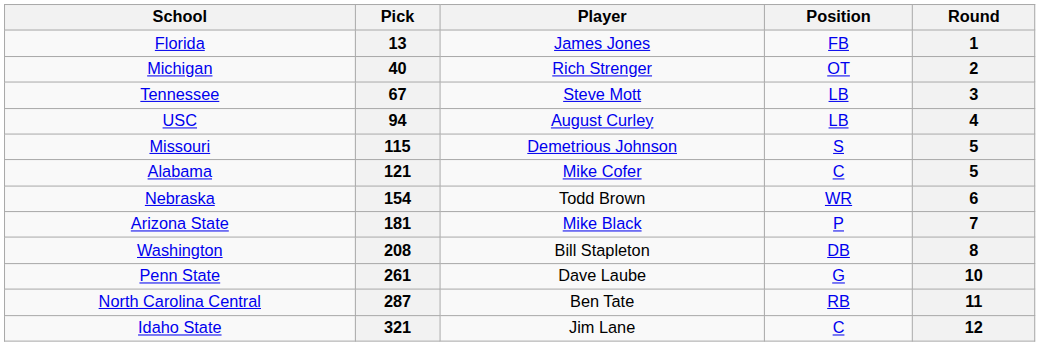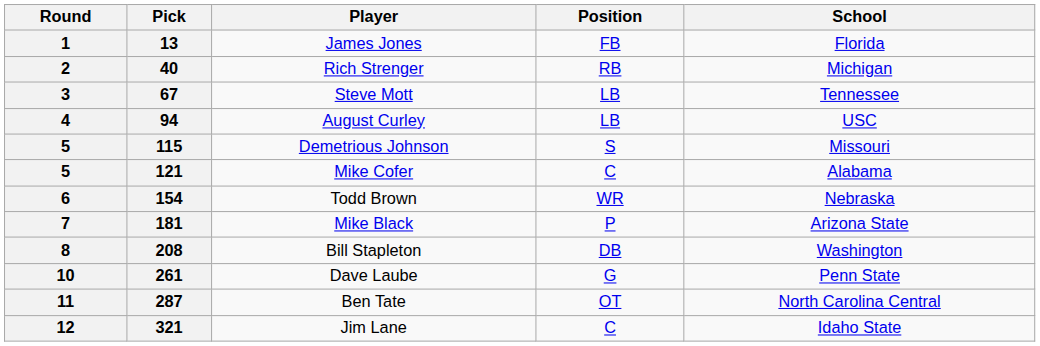 <table class="wikitable" style="width:80%;text-align:center;">
 <tr>
-<th>School</th>
+<th>Round</th>
 <th>Pick</th>
 <th>Player</th>
 <th>Position</th>
-<th>Round</th>
+<th>School</th>
 </tr>
 <tr>
-<td><a href='#'>Florida</a></td>
+<th>1</th>
 <th>13</th>
 <td><a href='#'>James Jones</a></td>
 <td><a href='#'>FB</a></td>
-<th>1</th>
+<td><a href='#'>Florida</a></td>
 </tr>
 <tr>
-<td><a href='#'>Michigan</a></td>
+<th>2</th>
 <th>40</th>
 <td><a href='#'>Rich Strenger</a></td>
-<td><a href='#'>OT</a></td>
-<th>2</th>
+<td><a href='#'>RB</a></td>
+<td><a href='#'>Michigan</a></td>
 </tr>
 <tr>
-<td><a href='#'>Tennessee</a></td>
+<th>3</th>
 <th>67</th>
 <td><a href='#'>Steve Mott</a></td>
 <td><a href='#'>LB</a></td>
-<th>3</th>
+<td><a href='#'>Tennessee</a></td>
 </tr>
 <tr>
-<td><a href='#'>USC</a></td>
+<th>4</th>
 <th>94</th>
 <td><a href='#'>August Curley</a></td>
 <td><a href='#'>LB</a></td>
-<th>4</th>
+<td><a href='#'>USC</a></td>
 </tr>
 <tr>
-<td><a href='#'>Missouri</a></td>
+<th>5</th>
 <th>115</th>
 <td><a href='#'>Demetrious Johnson</a></td>
 <td><a href='#'>S</a></td>
-<th>5</th>
+<td><a href='#'>Missouri</a></td>
 </tr>
 <tr>
-<td><a href='#'>Alabama</a></td>
+<th>5</th>
 <th>121</th>
 <td><a href='#'>Mike Cofer</a></td>
 <td><a href='#'>C</a></td>
-<th>5</th>
+<td><a href='#'>Alabama</a></td>
 </tr>
 <tr>
-<td><a href='#'>Nebraska</a></td>
+<th>6</th>
 <th>154</th>
 <td>Todd Brown</td>
 <td><a href='#'>WR</a></td>
-<th>6</th>
+<td><a href='#'>Nebraska</a></td>
 </tr>
 <tr>
-<td><a href='#'>Arizona State</a></td>
+<th>7</th>
 <th>181</th>
 <td><a href='#'>Mike Black</a></td>
 <td><a href='#'>P</a></td>
-<th>7</th>
+<td><a href='#'>Arizona State</a></td>
 </tr>
 <tr>
-<td><a href='#'>Washington</a></td>
+<th>8</th>
 <th>208</th>
 <td>Bill Stapleton</td>
 <td><a href='#'>DB</a></td>
-<th>8</th>
+<td><a href='#'>Washington</a></td>
 </tr>
 <tr>
-<td><a href='#'>Penn State</a></td>
+<th>10</th>
 <th>261</th>
 <td>Dave Laube</td>
 <td><a href='#'>G</a></td>
-<th>10</th>
+<td><a href='#'>Penn State</a></td>
 </tr>
 <tr>
-<td><a href='#'>North Carolina Central</a></td>
+<th>11</th>
 <th>287</th>
 <td>Ben Tate</td>
-<td><a href='#'>RB</a></td>
-<th>11</th>
+<td><a href='#'>OT</a></td>
+<td><a href='#'>North Carolina Central</a></td>
 </tr>
 <tr>
-<td><a href='#'>Idaho State</a></td>
+<th>12</th>
 <th>321</th>
 <td>Jim Lane</td>
 <td><a href='#'>C</a></td>
-<th>12</th>
+<td><a href='#'>Idaho State</a></td>
 </tr>
 </table>
